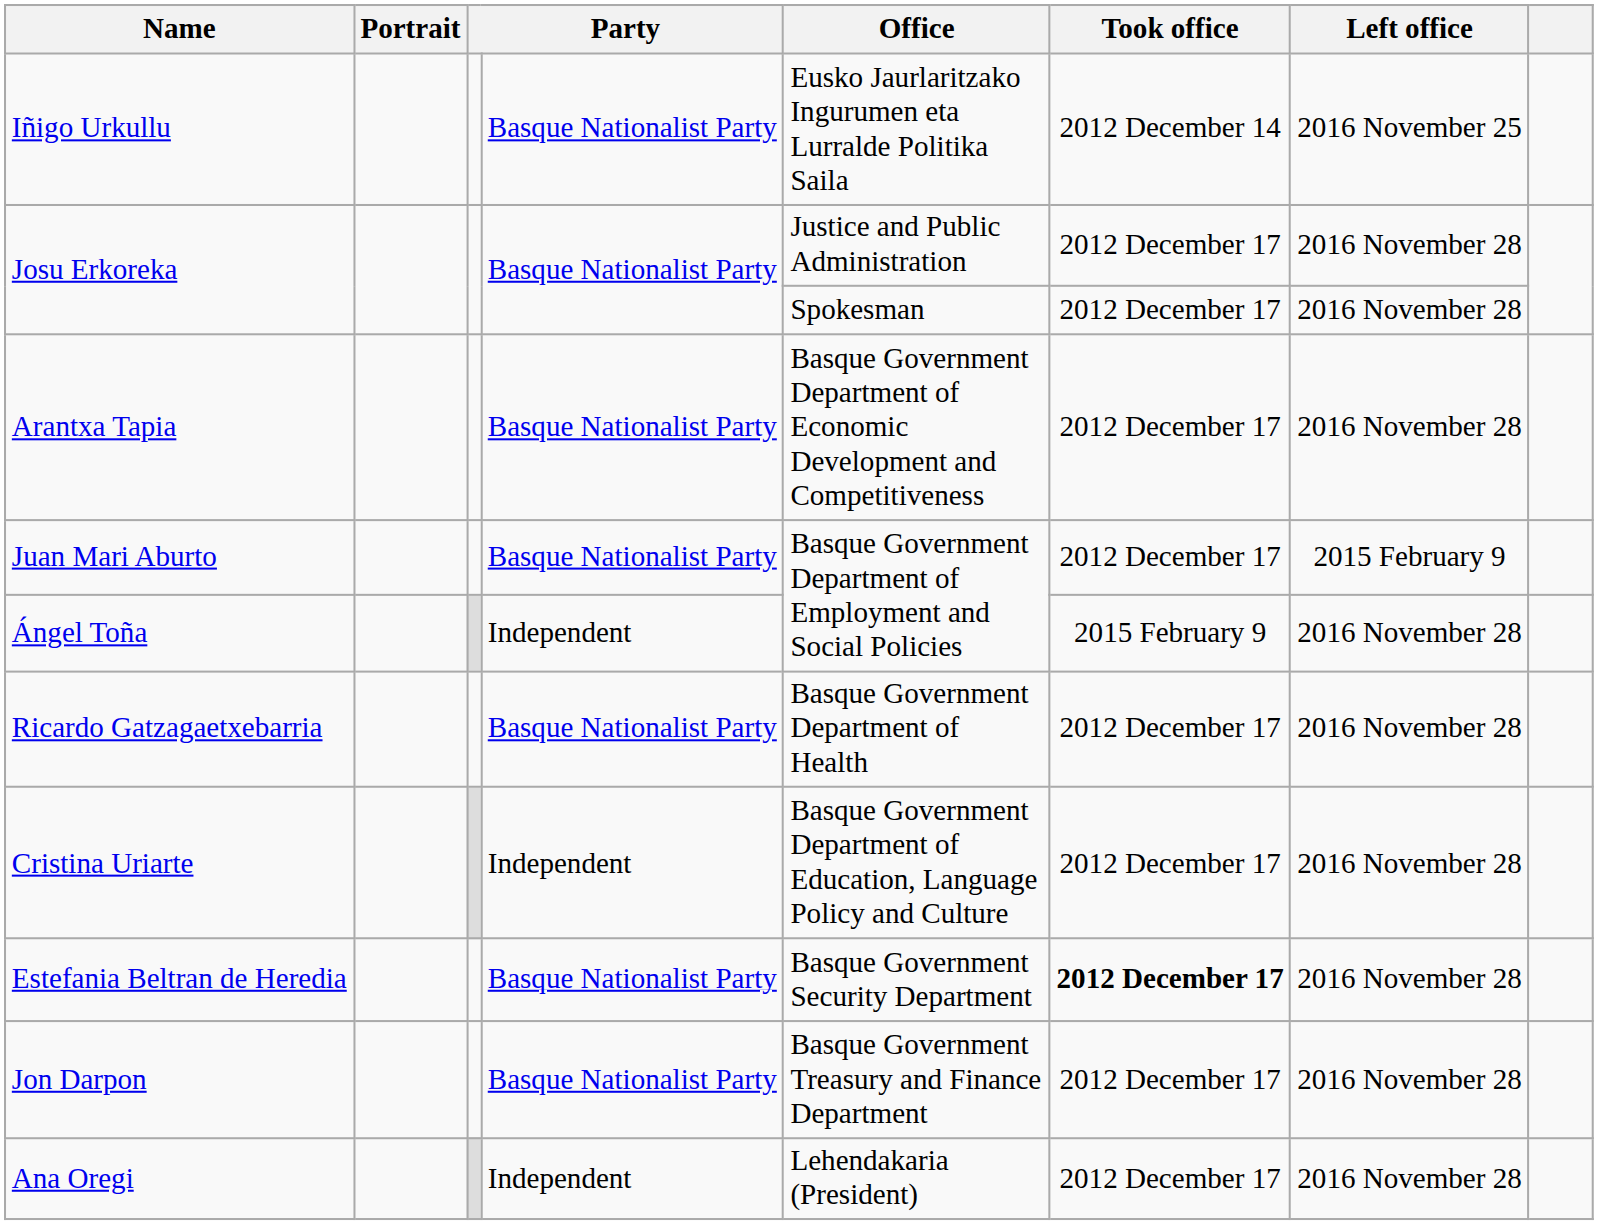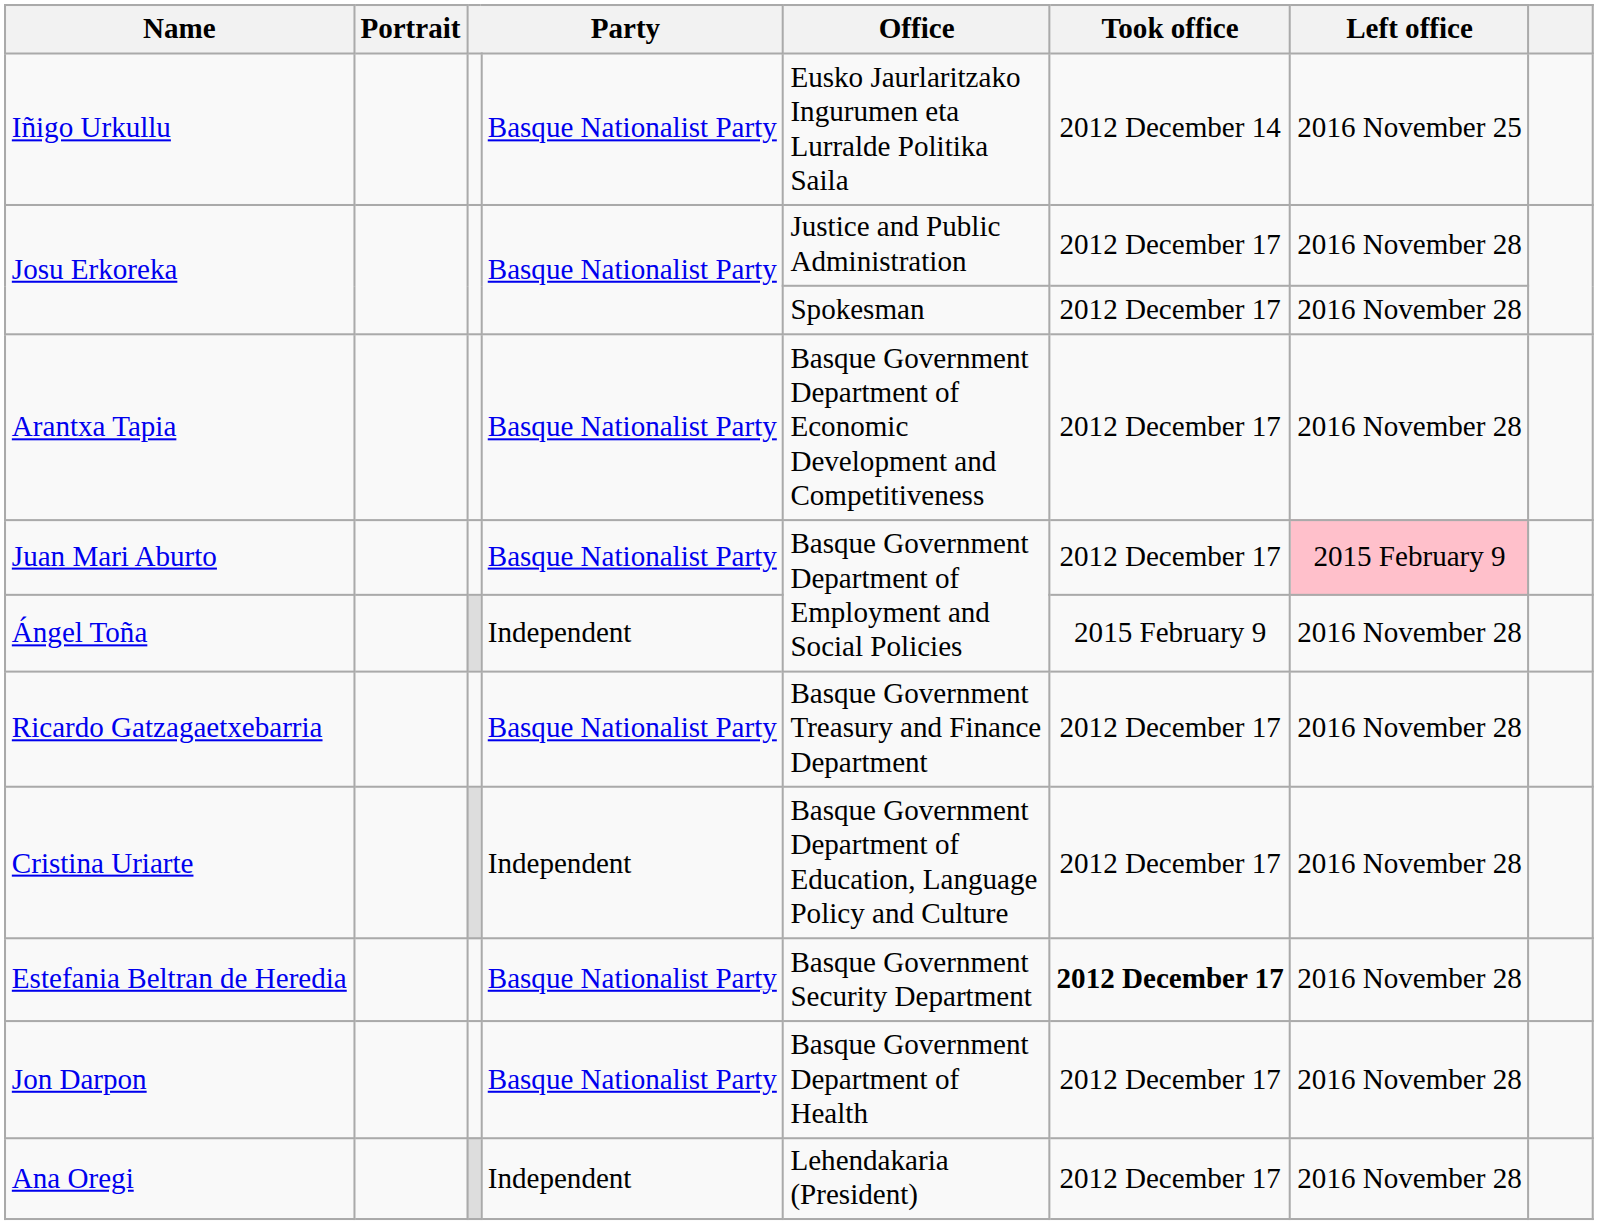 <table class="wikitable plainrowheaders sortable" style="font-size:90%; text-align:left;">
 <tr>
 <th scope=col>Name</th>
 <th scope=col class=unsortable>Portrait</th>
 <th scope=col colspan="2">Party</th>
 <th scope=col width=125px>Office</th>
 <th scope=col>Took office</th>
 <th scope=col>Left office</th>
 <th scope=col width=25px class=unsortable></th>
 </tr>
 <tr>
 <td style="white-space: nowrap;"><a href='#'>Iñigo Urkullu</a></td>
 <td align="center"></td>
 <td style="color:inherit;background:"></td>
 <td><a href='#'>Basque Nationalist Party</a></td>
 <td>Eusko Jaurlaritzako Ingurumen eta Lurralde Politika Saila</td>
 <td align="center">2012 December 14</td>
 <td align="center">2016 November 25</td>
 <td align="center"></td>
 </tr>
 <tr>
 <td rowspan="2" style="white-space: nowrap;"><a href='#'>Josu Erkoreka</a></td>
 <td rowspan="2" align="center"></td>
 <td rowspan="2" style="color:inherit;background:"></td>
 <td rowspan="2"><a href='#'>Basque Nationalist Party</a></td>
 <td>Justice and Public Administration</td>
 <td align="center">2012 December 17</td>
 <td align="center">2016 November 28</td>
 <td rowspan="2" align="center"></td>
 </tr>
 <tr>
 <td>Spokesman</td>
 <td align="center">2012 December 17</td>
 <td align="center">2016 November 28</td>
 </tr>
 <tr>
 <td style="white-space: nowrap;"><a href='#'>Arantxa Tapia</a></td>
 <td align="center"></td>
 <td style="color:inherit;background:"></td>
 <td><a href='#'>Basque Nationalist Party</a></td>
 <td>Basque Government Department of Economic Development and Competitiveness</td>
 <td align="center">2012 December 17</td>
 <td align="center">2016 November 28</td>
 <td align="center"></td>
 </tr>
 <tr>
 <td style="white-space: nowrap;"><a href='#'>Juan Mari Aburto</a></td>
 <td align="center"></td>
 <td style="color:inherit;background:"></td>
 <td><a href='#'>Basque Nationalist Party</a></td>
 <td rowspan = "2">Basque Government Department of Employment and Social Policies</td>
 <td align="center">2012 December 17</td>
-<td align="center">2015 February 9</td>
+<td align="center" style="background: pink;">2015 February 9</td>
 <td align="center"></td>
 </tr>
 <tr>
 <td style="white-space: nowrap;"><a href='#'>Ángel Toña</a></td>
 <td align="center"></td>
 <td style="background:#DDDDDD;"></td>
 <td>Independent</td>
 <td align="center">2015 February 9</td>
 <td align="center">2016 November 28</td>
 <td align="center"></td>
 </tr>
 <tr>
 <td style="white-space: nowrap;"><a href='#'>Ricardo Gatzagaetxebarria</a></td>
 <td align="center"></td>
 <td style="color:inherit;background:"></td>
 <td><a href='#'>Basque Nationalist Party</a></td>
-<td>Basque Government Department of Health</td>
+<td>Basque Government Treasury and Finance Department</td>
 <td align="center">2012 December 17</td>
 <td align="center">2016 November 28</td>
 <td align="center"></td>
 </tr>
 <tr>
 <td style="white-space: nowrap;"><a href='#'>Cristina Uriarte</a></td>
 <td align="center"></td>
 <td style="background:#DDDDDD;"></td>
 <td>Independent</td>
 <td>Basque Government Department of Education, Language Policy and Culture</td>
 <td align="center">2012 December 17</td>
 <td align="center">2016 November 28</td>
 <td align="center"></td>
 </tr>
 <tr>
 <td style="white-space: nowrap;"><a href='#'>Estefania Beltran de Heredia</a></td>
 <td align="center"></td>
 <td style="color:inherit;background:"></td>
 <td><a href='#'>Basque Nationalist Party</a></td>
 <td>Basque Government Security Department</td>
 <td align="center"><strong>2012 December 17</strong></td>
 <td align="center">2016 November 28</td>
 <td align="center"></td>
 </tr>
 <tr>
 <td style="white-space: nowrap;"><a href='#'>Jon Darpon</a></td>
 <td align="center"></td>
 <td style="color:inherit;background:"></td>
 <td><a href='#'>Basque Nationalist Party</a></td>
-<td>Basque Government Treasury and Finance Department</td>
+<td>Basque Government Department of Health</td>
 <td align="center">2012 December 17</td>
 <td align="center">2016 November 28</td>
 <td align="center"></td>
 </tr>
 <tr>
 <td style="white-space: nowrap;"><a href='#'>Ana Oregi</a></td>
 <td align="center"></td>
 <td style="background:#DDDDDD;"></td>
 <td>Independent</td>
 <td>Lehendakaria (President)</td>
 <td align="center">2012 December 17</td>
 <td align="center">2016 November 28</td>
 <td align="center"></td>
 </tr>
 </table>
